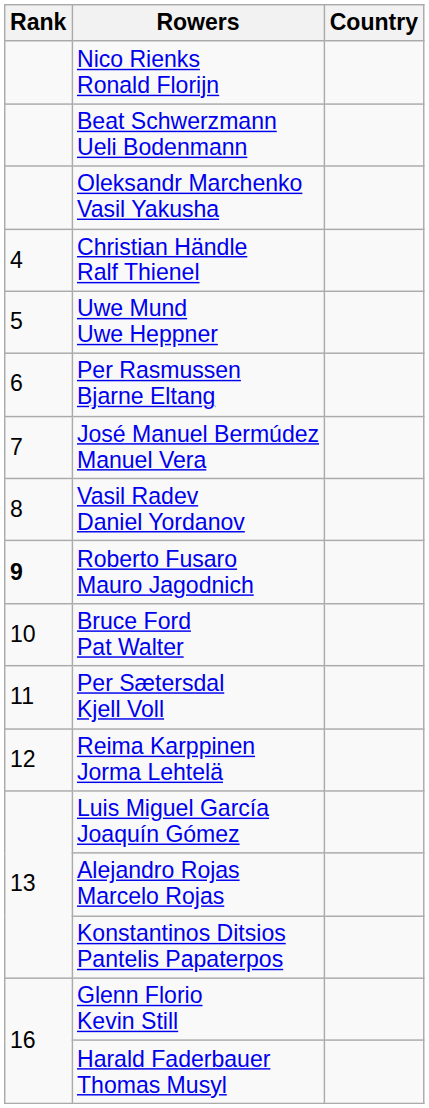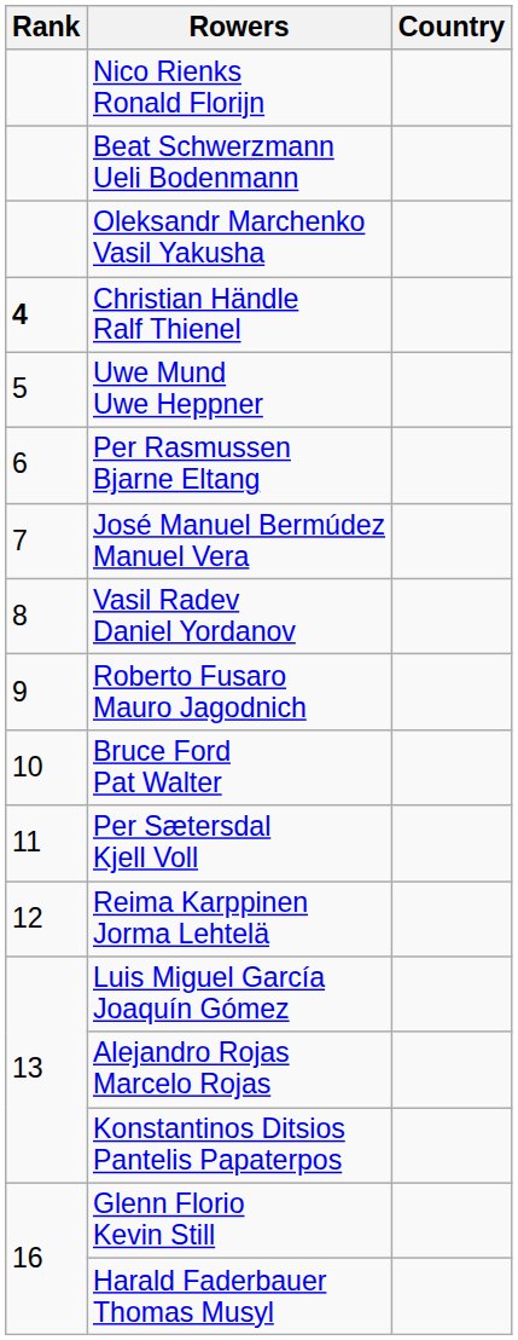 <table class="wikitable sortable">
 <tr>
 <th>Rank</th>
 <th>Rowers</th>
 <th>Country</th>
 </tr>
 <tr>
 <td></td>
 <td><a href='#'>Nico Rienks</a><br><a href='#'>Ronald Florijn</a></td>
 <td></td>
 </tr>
 <tr>
 <td></td>
 <td><a href='#'>Beat Schwerzmann</a><br><a href='#'>Ueli Bodenmann</a></td>
 <td></td>
 </tr>
 <tr>
 <td></td>
 <td><a href='#'>Oleksandr Marchenko</a><br><a href='#'>Vasil Yakusha</a></td>
 <td></td>
 </tr>
 <tr>
-<td>4</td>
+<td><strong>4</strong></td>
 <td><a href='#'>Christian Händle</a><br><a href='#'>Ralf Thienel</a></td>
 <td></td>
 </tr>
 <tr>
 <td>5</td>
 <td><a href='#'>Uwe Mund</a><br><a href='#'>Uwe Heppner</a></td>
 <td></td>
 </tr>
 <tr>
 <td>6</td>
 <td><a href='#'>Per Rasmussen</a><br><a href='#'>Bjarne Eltang</a></td>
 <td></td>
 </tr>
 <tr>
 <td>7</td>
 <td><a href='#'>José Manuel Bermúdez</a><br><a href='#'>Manuel Vera</a></td>
 <td></td>
 </tr>
 <tr>
 <td>8</td>
 <td><a href='#'>Vasil Radev</a><br><a href='#'>Daniel Yordanov</a></td>
 <td></td>
 </tr>
 <tr>
-<td><strong>9</strong></td>
+<td>9</td>
 <td><a href='#'>Roberto Fusaro</a><br><a href='#'>Mauro Jagodnich</a></td>
 <td></td>
 </tr>
 <tr>
 <td>10</td>
 <td><a href='#'>Bruce Ford</a><br><a href='#'>Pat Walter</a></td>
 <td></td>
 </tr>
 <tr>
 <td>11</td>
 <td><a href='#'>Per Sætersdal</a><br><a href='#'>Kjell Voll</a></td>
 <td></td>
 </tr>
 <tr>
 <td>12</td>
 <td><a href='#'>Reima Karppinen</a><br><a href='#'>Jorma Lehtelä</a></td>
 <td></td>
 </tr>
 <tr>
 <td rowspan=3>13</td>
 <td><a href='#'>Luis Miguel García</a><br><a href='#'>Joaquín Gómez</a></td>
 <td></td>
 </tr>
 <tr>
 <td><a href='#'>Alejandro Rojas</a><br><a href='#'>Marcelo Rojas</a></td>
 <td></td>
 </tr>
 <tr>
 <td><a href='#'>Konstantinos Ditsios</a><br><a href='#'>Pantelis Papaterpos</a></td>
 <td></td>
 </tr>
 <tr>
 <td rowspan=2>16</td>
 <td><a href='#'>Glenn Florio</a><br><a href='#'>Kevin Still</a></td>
 <td></td>
 </tr>
 <tr>
 <td><a href='#'>Harald Faderbauer</a><br><a href='#'>Thomas Musyl</a></td>
 <td></td>
 </tr>
 </table>
